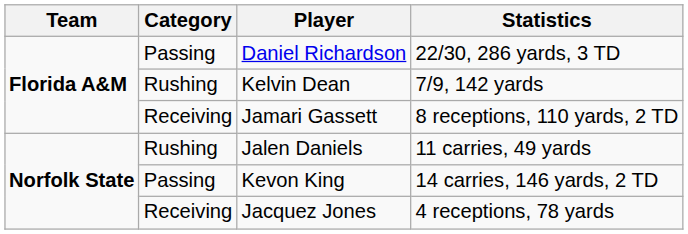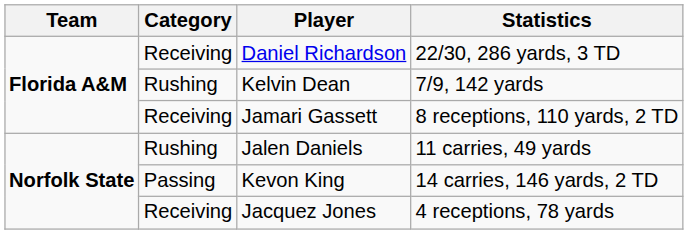 <table class="wikitable" style="float: right;">
 <tr>
 <th>Team</th>
 <th>Category</th>
 <th>Player</th>
 <th>Statistics</th>
 </tr>
 <tr>
 <td rowspan=3><strong>Florida A&M</strong></td>
-<td>Passing</td>
+<td>Receiving</td>
 <td><a href='#'>Daniel Richardson</a></td>
 <td>22/30, 286 yards, 3 TD</td>
 </tr>
 <tr>
 <td>Rushing</td>
 <td>Kelvin Dean</td>
 <td>7/9, 142 yards</td>
 </tr>
 <tr>
 <td>Receiving</td>
 <td>Jamari Gassett</td>
 <td>8 receptions, 110 yards, 2 TD</td>
 </tr>
 <tr>
 <td rowspan=3><strong>Norfolk State</strong></td>
 <td>Rushing</td>
 <td>Jalen Daniels</td>
 <td>11 carries, 49 yards</td>
 </tr>
 <tr>
 <td>Passing</td>
 <td>Kevon King</td>
 <td>14 carries, 146 yards, 2 TD</td>
 </tr>
 <tr>
 <td>Receiving</td>
 <td>Jacquez Jones</td>
 <td>4 receptions, 78 yards</td>
 </tr>
 </table>
